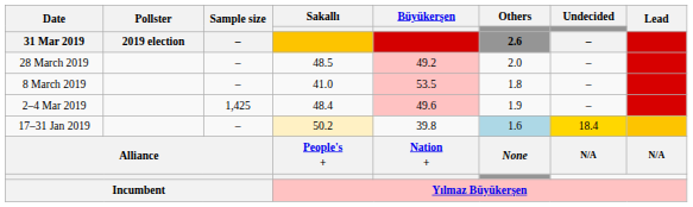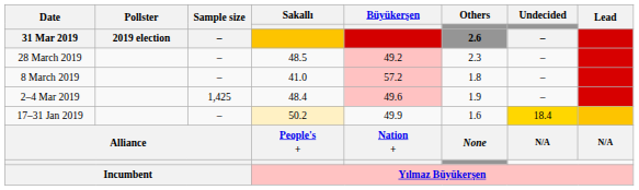 <table class="wikitable" style="text-align:center; font-size:90%; line-height:20px;">
 <tr>
 <th rowspan=2 width="150px">Date</th>
 <th rowspan=2 width="150px">Pollster</th>
 <th rowspan=2 width="85px">Sample size</th>
 <th width=150>Sakallı</th>
 <th width=150><a href='#'>Büyükerşen</a></th>
 <th width=100>Others</th>
 <th width=100>Undecided</th>
 <th width=85 rowspan=2>Lead</th>
 </tr>
 <tr>
 <th style="background: "></th>
 <th style="background: "></th>
 <th style="background: #959595"></th>
 <th style="background: #959595"></th>
 </tr>
 <tr>
 <th>31 Mar 2019</th>
 <th>2019 election</th>
 <th>–</th>
 <th style="background: #fdc400"></th>
 <th style="background: #d40000"></th>
 <th style="background: #959595">2.6</th>
 <th>–</th>
 <th style="background: #d40000"></th>
 </tr>
 <tr>
 <td>28 March 2019</td>
 <td></td>
 <td>–</td>
 <td>48.5</td>
 <td style="background: #FFC2C2">49.2</td>
-<td>2.0</td>
+<td>2.3</td>
 <td>–</td>
 <td style="background: #d70000"></td>
 </tr>
 <tr>
 <td>8 March 2019</td>
 <td></td>
 <td>–</td>
 <td>41.0</td>
-<td style="background: #FFC2C2">53.5</td>
+<td style="background: #FFC2C2">57.2</td>
 <td>1.8</td>
 <td>–</td>
 <td style="background: #d70000"></td>
 </tr>
 <tr>
 <td>2–4 Mar 2019</td>
 <td></td>
 <td>1,425</td>
 <td>48.4</td>
 <td style="background: #FFC2C2">49.6</td>
 <td>1.9</td>
 <td>–</td>
 <td style="background: #d70000"></td>
 </tr>
 <tr>
 <td>17–31 Jan 2019</td>
 <td></td>
 <td>–</td>
 <td style="background: #FFF1C4">50.2</td>
-<td>39.8</td>
-<td style="background: lightblue;">1.6</td>
+<td>49.9</td>
+<td>1.6</td>
 <td style="background: gold;">18.4</td>
 <td style="background: #fdc400"></td>
 </tr>
 <tr>
 <th colspan=3>Alliance</th>
 <th width=150><a href='#'>People's</a><br><small></small> + <small></small></th>
 <th width=150><a href='#'>Nation</a><br><small></small> + <small></small></th>
 <th width=100><em>None</em></th>
 <th width=100><small>N/A</small></th>
 <th width=85><small>N/A</small></th>
 </tr>
 <tr>
 <th colspan=3></th>
 <th style="background: "></th>
 <th style="background: "></th>
 <th style="background: #959595"></th>
 </tr>
 <tr>
 <th colspan=3>Incumbent</th>
 <th style="background: #FFC2C2" colspan=5><a href='#'>Yılmaz Büyükerşen</a> <small></small></th>
 </tr>
 </table>
